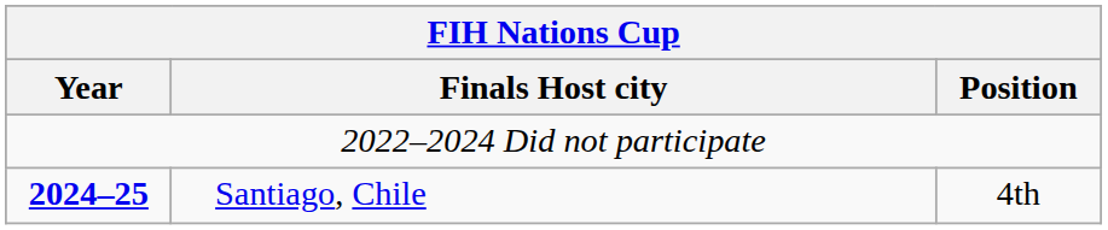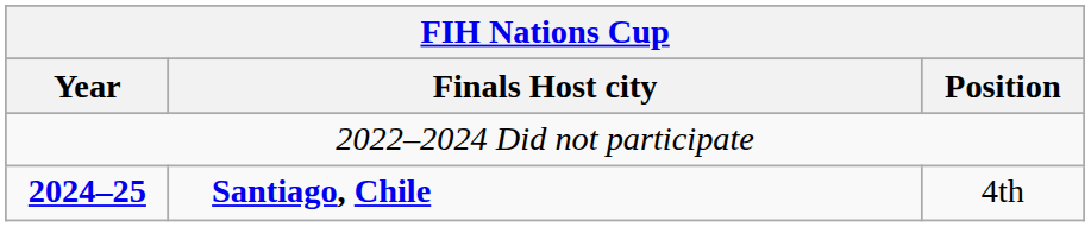 <table class="wikitable" style="text-align: center;">
 <tr>
 <th colspan=3 style="background-color: ;"><a href='#'>FIH Nations Cup</a></th>
 </tr>
 <tr>
 <th style="width: 70px;">Year</th>
 <th style="width: 350px;">Finals Host city</th>
 <th style="width: 70px;">Position</th>
 </tr>
 <tr>
 <td colspan=3><em>2022–2024 Did not participate</em></td>
 </tr>
 <tr>
 <td><strong><a href='#'>2024–25</a></strong></td>
-<td style="text-align: left; padding-left: 20px;"> <a href='#'>Santiago</a>, <a href='#'>Chile</a></td>
+<td style="text-align: left; padding-left: 20px;"><strong> <a href='#'>Santiago</a>, <a href='#'>Chile</a></strong></td>
 <td>4th</td>
 </tr>
 </table>
